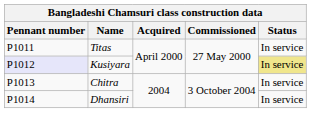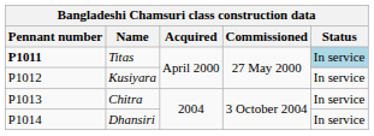 <table class=wikitable>
 <tr>
 <th colspan="5" align="center">Bangladeshi Chamsuri class construction data</th>
 </tr>
 <tr>
 <th>Pennant number</th>
 <th>Name</th>
 <th>Acquired</th>
 <th>Commissioned</th>
 <th>Status</th>
 </tr>
 <tr>
-<td>P1011</td>
+<td><strong>P1011</strong></td>
 <td><em>Titas</em></td>
 <td rowspan="2" align="center">April 2000</td>
 <td rowspan="2" align="center">27 May 2000</td>
-<td>In service</td>
+<td style="background: lightblue;">In service</td>
 </tr>
 <tr>
-<td style="background: lavender;">P1012</td>
+<td>P1012</td>
 <td><em>Kusiyara</em></td>
-<td style="background: khaki;">In service</td>
+<td>In service</td>
 </tr>
 <tr>
 <td>P1013</td>
 <td><em>Chitra</em></td>
 <td rowspan="2" align="center">2004</td>
 <td rowspan="2" align="center">3 October 2004</td>
 <td>In service</td>
 </tr>
 <tr>
 <td>P1014</td>
 <td><em>Dhansiri</em></td>
 <td>In service</td>
 </tr>
 </table>
